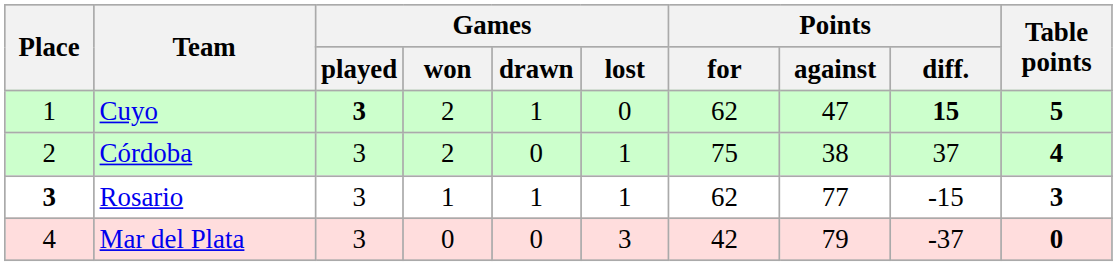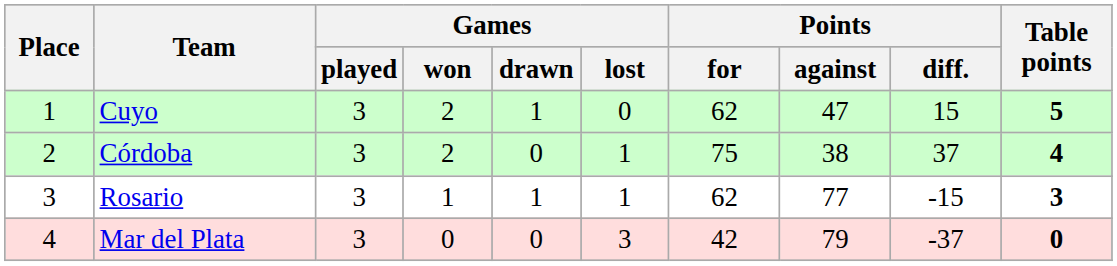 <table class="wikitable">
 <tr>
 <th rowspan=2 width="8%">Place</th>
 <th rowspan=2 width="20%">Team</th>
 <th colspan=4 width="32%">Games</th>
 <th colspan=3 width="30%">Points</th>
 <th rowspan=2 width="10%">Table<br>points</th>
 </tr>
 <tr>
 <th width="8%">played</th>
 <th width="8%">won</th>
 <th width="8%">drawn</th>
 <th width="8%">lost</th>
 <th width="10%">for</th>
 <th width="10%">against</th>
 <th width="10%">diff.</th>
 </tr>
 <tr align=center style="background: #ccffcc;">
 <td>1</td>
 <td align=left><a href='#'>Cuyo</a></td>
-<td><strong>3</strong></td>
+<td>3</td>
 <td>2</td>
 <td>1</td>
 <td>0</td>
 <td>62</td>
 <td>47</td>
-<td><strong>15</strong></td>
+<td>15</td>
 <td><strong>5</strong></td>
 </tr>
 <tr align=center style="background: #ccffcc;">
 <td>2</td>
 <td align=left><a href='#'>Córdoba</a></td>
 <td>3</td>
 <td>2</td>
 <td>0</td>
 <td>1</td>
 <td>75</td>
 <td>38</td>
 <td>37</td>
 <td><strong>4</strong></td>
 </tr>
 <tr align=center style="background: #ffffff;">
-<td><strong>3</strong></td>
+<td>3</td>
 <td align=left><a href='#'>Rosario</a></td>
 <td>3</td>
 <td>1</td>
 <td>1</td>
 <td>1</td>
 <td>62</td>
 <td>77</td>
 <td>-15</td>
 <td><strong>3</strong></td>
 </tr>
 <tr align=center style="background: #ffdddd;">
 <td>4</td>
 <td align=left><a href='#'>Mar del Plata</a></td>
 <td>3</td>
 <td>0</td>
 <td>0</td>
 <td>3</td>
 <td>42</td>
 <td>79</td>
 <td>-37</td>
 <td><strong>0</strong></td>
 </tr>
 </table>
